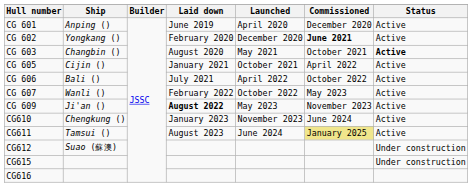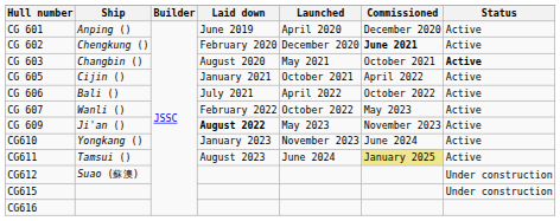 <table class="wikitable">
 <tr>
 </tr>
 <tr>
 <th>Hull number</th>
 <th>Ship</th>
 <th>Builder</th>
 <th>Laid down</th>
 <th>Launched</th>
 <th>Commissioned</th>
 <th>Status</th>
 </tr>
 <tr>
 <td>CG 601</td>
 <td><em>Anping</em> ()</td>
 <td rowspan=12><a href='#'>JSSC</a></td>
 <td>June 2019</td>
 <td>April 2020</td>
 <td>December 2020</td>
 <td>Active</td>
 </tr>
 <tr>
 <td>CG 602</td>
-<td><em>Yongkang</em> ()</td>
+<td><em>Chengkung</em> ()</td>
 <td>February 2020</td>
 <td>December 2020</td>
 <td><strong>June 2021</strong></td>
 <td>Active</td>
 </tr>
 <tr>
 <td>CG 603</td>
 <td><em>Changbin</em> ()</td>
 <td>August 2020</td>
 <td>May 2021</td>
 <td>October 2021</td>
 <td><strong>Active</strong></td>
 </tr>
 <tr>
 <td>CG 605</td>
 <td><em>Cijin</em> ()</td>
 <td>January 2021</td>
 <td>October 2021</td>
 <td>April 2022</td>
 <td>Active</td>
 </tr>
 <tr>
 <td>CG 606</td>
 <td><em>Bali</em> ()</td>
 <td>July 2021</td>
 <td>April 2022</td>
 <td>October 2022</td>
 <td>Active</td>
 </tr>
 <tr>
 <td>CG 607</td>
 <td><em>Wanli</em> ()</td>
 <td>February 2022</td>
 <td>October 2022</td>
 <td>May 2023</td>
 <td>Active</td>
 </tr>
 <tr>
 <td>CG 609</td>
 <td><em>Ji'an</em> ()</td>
 <td><strong>August 2022</strong></td>
 <td>May 2023</td>
 <td>November 2023</td>
 <td>Active</td>
 </tr>
 <tr>
 <td>CG610</td>
-<td><em>Chengkung</em> ()</td>
+<td><em>Yongkang</em> ()</td>
 <td>January 2023</td>
 <td>November 2023</td>
 <td>June 2024</td>
 <td>Active</td>
 </tr>
 <tr>
 <td>CG611</td>
 <td><em>Tamsui</em> ()</td>
 <td>August 2023</td>
 <td>June 2024</td>
 <td style="background: khaki;">January 2025</td>
 <td>Active</td>
 </tr>
 <tr>
 <td>CG612</td>
 <td><em>Suao</em> (蘇澳)</td>
 <td></td>
 <td></td>
 <td></td>
 <td>Under construction</td>
 </tr>
 <tr>
 <td>CG615</td>
 <td></td>
 <td></td>
 <td></td>
 <td></td>
 <td>Under construction</td>
 </tr>
 <tr>
 <td>CG616</td>
 <td></td>
 <td></td>
 <td></td>
 <td></td>
 <td></td>
 </tr>
 </table>
